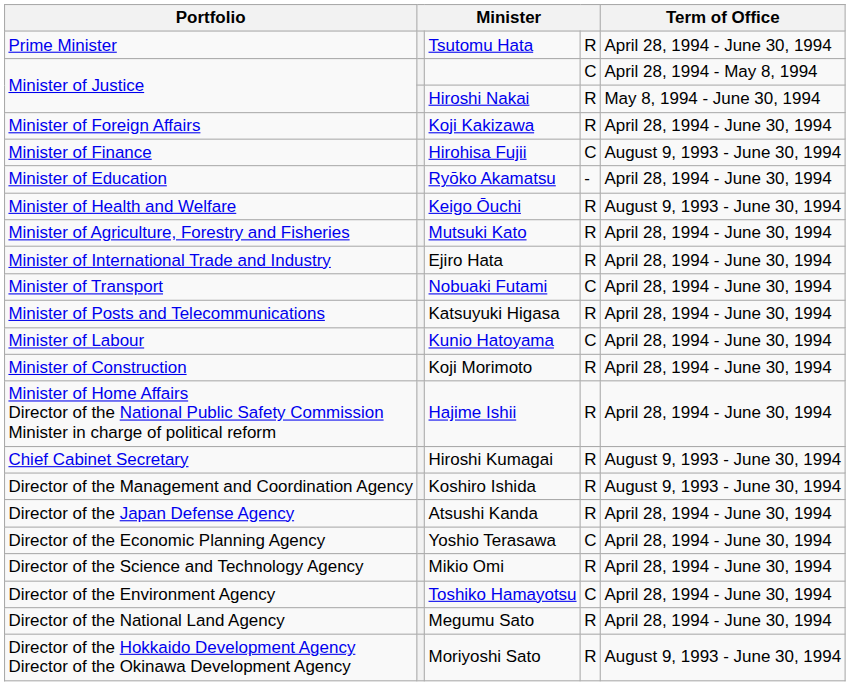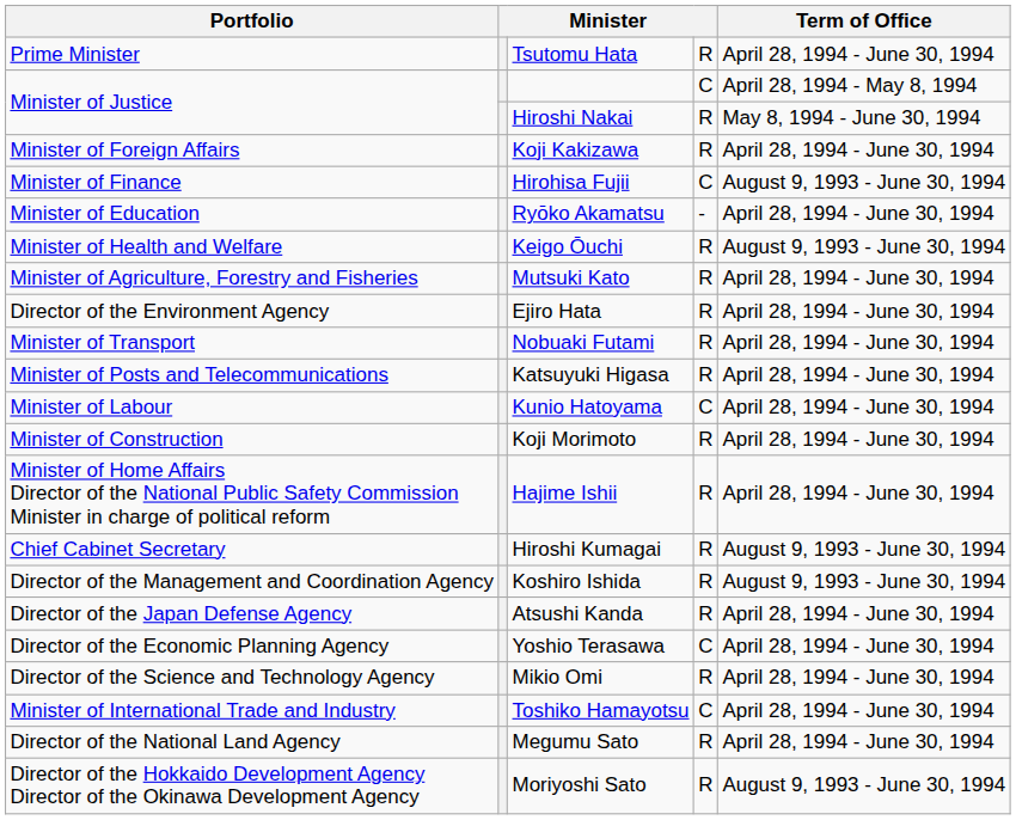 <table class="wikitable">
 <tr>
 <th>Portfolio</th>
 <th colspan=3>Minister</th>
 <th>Term of Office</th>
 </tr>
 <tr>
 <td><a href='#'>Prime Minister</a></td>
 <th style="color:inherit;background-color: "></th>
 <td><a href='#'>Tsutomu Hata</a></td>
 <td>R</td>
 <td>April 28, 1994 - June 30, 1994</td>
 </tr>
 <tr>
 <td rowspan=2><a href='#'>Minister of Justice</a></td>
 <th style="color:inherit;background-color: "></th>
 <td></td>
 <td>C</td>
 <td>April 28, 1994 - May 8, 1994</td>
 </tr>
 <tr>
 <th style="color:inherit;background-color: "></th>
 <td><a href='#'>Hiroshi Nakai</a></td>
 <td>R</td>
 <td>May 8, 1994 - June 30, 1994</td>
 </tr>
 <tr>
 <td><a href='#'>Minister of Foreign Affairs</a></td>
 <th style="color:inherit;background-color: "></th>
 <td><a href='#'>Koji Kakizawa</a></td>
 <td>R</td>
 <td>April 28, 1994 - June 30, 1994</td>
 </tr>
 <tr>
 <td><a href='#'>Minister of Finance</a></td>
 <th style="color:inherit;background-color: "></th>
 <td><a href='#'>Hirohisa Fujii</a></td>
 <td>C</td>
 <td>August 9, 1993 - June 30, 1994</td>
 </tr>
 <tr>
 <td><a href='#'>Minister of Education</a></td>
 <th style="color:inherit;background-color: "></th>
 <td><a href='#'>Ryōko Akamatsu</a></td>
 <td>-</td>
 <td>April 28, 1994 - June 30, 1994</td>
 </tr>
 <tr>
 <td><a href='#'>Minister of Health and Welfare</a></td>
 <th style="color:inherit;background-color: "></th>
 <td><a href='#'>Keigo Ōuchi</a></td>
 <td>R</td>
 <td>August 9, 1993 - June 30, 1994</td>
 </tr>
 <tr>
 <td><a href='#'>Minister of Agriculture, Forestry and Fisheries</a></td>
 <th style="color:inherit;background-color: "></th>
 <td><a href='#'>Mutsuki Kato</a></td>
 <td>R</td>
 <td>April 28, 1994 - June 30, 1994</td>
 </tr>
 <tr>
-<td><a href='#'>Minister of International Trade and Industry</a></td>
+<td>Director of the Environment Agency</td>
 <th style="color:inherit;background-color: "></th>
 <td>Ejiro Hata</td>
 <td>R</td>
 <td>April 28, 1994 - June 30, 1994</td>
 </tr>
 <tr>
 <td><a href='#'>Minister of Transport</a></td>
 <th style="color:inherit;background-color: "></th>
 <td><a href='#'>Nobuaki Futami</a></td>
-<td>C</td>
+<td>R</td>
 <td>April 28, 1994 - June 30, 1994</td>
 </tr>
 <tr>
 <td><a href='#'>Minister of Posts and Telecommunications</a></td>
 <th style="color:inherit;background-color: "></th>
 <td>Katsuyuki Higasa</td>
 <td>R</td>
 <td>April 28, 1994 - June 30, 1994</td>
 </tr>
 <tr>
 <td><a href='#'>Minister of Labour</a></td>
 <th style="color:inherit;background-color: "></th>
 <td><a href='#'>Kunio Hatoyama</a></td>
 <td>C</td>
 <td>April 28, 1994 - June 30, 1994</td>
 </tr>
 <tr>
 <td><a href='#'>Minister of Construction</a></td>
 <th style="color:inherit;background-color: "></th>
 <td>Koji Morimoto</td>
 <td>R</td>
 <td>April 28, 1994 - June 30, 1994</td>
 </tr>
 <tr>
 <td><a href='#'>Minister of Home Affairs</a> <br>Director of the <a href='#'>National Public Safety Commission</a>  <br>Minister in charge of political reform</td>
 <th style="color:inherit;background-color: "></th>
 <td><a href='#'>Hajime Ishii</a></td>
 <td>R</td>
 <td>April 28, 1994 - June 30, 1994</td>
 </tr>
 <tr>
 <td><a href='#'>Chief Cabinet Secretary</a></td>
 <th style="color:inherit;background-color: "></th>
 <td>Hiroshi Kumagai</td>
 <td>R</td>
 <td>August 9, 1993 - June 30, 1994</td>
 </tr>
 <tr>
 <td>Director of the Management and Coordination Agency</td>
 <th style="color:inherit;background-color: "></th>
 <td>Koshiro Ishida</td>
 <td>R</td>
 <td>August 9, 1993 - June 30, 1994</td>
 </tr>
 <tr>
 <td>Director of the <a href='#'>Japan Defense Agency</a></td>
 <th style="color:inherit;background-color: "></th>
 <td>Atsushi Kanda</td>
 <td>R</td>
 <td>April 28, 1994 - June 30, 1994</td>
 </tr>
 <tr>
 <td>Director of the Economic Planning Agency</td>
 <th style="color:inherit;background-color: "></th>
 <td>Yoshio Terasawa</td>
 <td>C</td>
 <td>April 28, 1994 - June 30, 1994</td>
 </tr>
 <tr>
 <td>Director of the Science and Technology Agency</td>
 <th style="color:inherit;background-color: "></th>
 <td>Mikio Omi</td>
 <td>R</td>
 <td>April 28, 1994 - June 30, 1994</td>
 </tr>
 <tr>
-<td>Director of the Environment Agency</td>
+<td><a href='#'>Minister of International Trade and Industry</a></td>
 <th style="color:inherit;background-color: "></th>
 <td><a href='#'>Toshiko Hamayotsu</a></td>
 <td>C</td>
 <td>April 28, 1994 - June 30, 1994</td>
 </tr>
 <tr>
 <td>Director of the National Land Agency</td>
 <th style="color:inherit;background-color: "></th>
 <td>Megumu Sato</td>
 <td>R</td>
 <td>April 28, 1994 - June 30, 1994</td>
 </tr>
 <tr>
 <td>Director of the <a href='#'>Hokkaido Development Agency</a> <br>Director of the Okinawa Development Agency</td>
 <th style="color:inherit;background-color: "></th>
 <td>Moriyoshi Sato</td>
 <td>R</td>
 <td>August 9, 1993 - June 30, 1994</td>
 </tr>
 </table>
